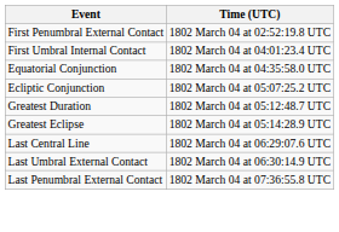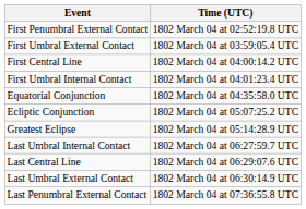 <table class="wikitable">
 <tr>
 <th>Event</th>
 <th>Time (UTC)</th>
 </tr>
 <tr>
 <td>First Penumbral External Contact</td>
 <td>1802 March 04 at 02:52:19.8 UTC</td>
+</tr>
+<tr>
+<td>First Umbral External Contact</td>
+<td>1802 March 04 at 03:59:05.4 UTC</td>
+</tr>
+<tr>
+<td>First Central Line</td>
+<td>1802 March 04 at 04:00:14.2 UTC</td>
 </tr>
 <tr>
 <td>First Umbral Internal Contact</td>
 <td>1802 March 04 at 04:01:23.4 UTC</td>
 </tr>
 <tr>
 <td>Equatorial Conjunction</td>
 <td>1802 March 04 at 04:35:58.0 UTC</td>
 </tr>
 <tr>
 <td>Ecliptic Conjunction</td>
 <td>1802 March 04 at 05:07:25.2 UTC</td>
 </tr>
 <tr>
-<td>Greatest Duration</td>
-<td>1802 March 04 at 05:12:48.7 UTC</td>
+<td>Greatest Eclipse</td>
+<td>1802 March 04 at 05:14:28.9 UTC</td>
 </tr>
 <tr>
-<td>Greatest Eclipse</td>
-<td>1802 March 04 at 05:14:28.9 UTC</td>
+<td>Last Umbral Internal Contact</td>
+<td>1802 March 04 at 06:27:59.7 UTC</td>
 </tr>
 <tr>
 <td>Last Central Line</td>
 <td>1802 March 04 at 06:29:07.6 UTC</td>
 </tr>
 <tr>
 <td>Last Umbral External Contact</td>
 <td>1802 March 04 at 06:30:14.9 UTC</td>
 </tr>
 <tr>
 <td>Last Penumbral External Contact</td>
 <td>1802 March 04 at 07:36:55.8 UTC</td>
 </tr>
 </table>
